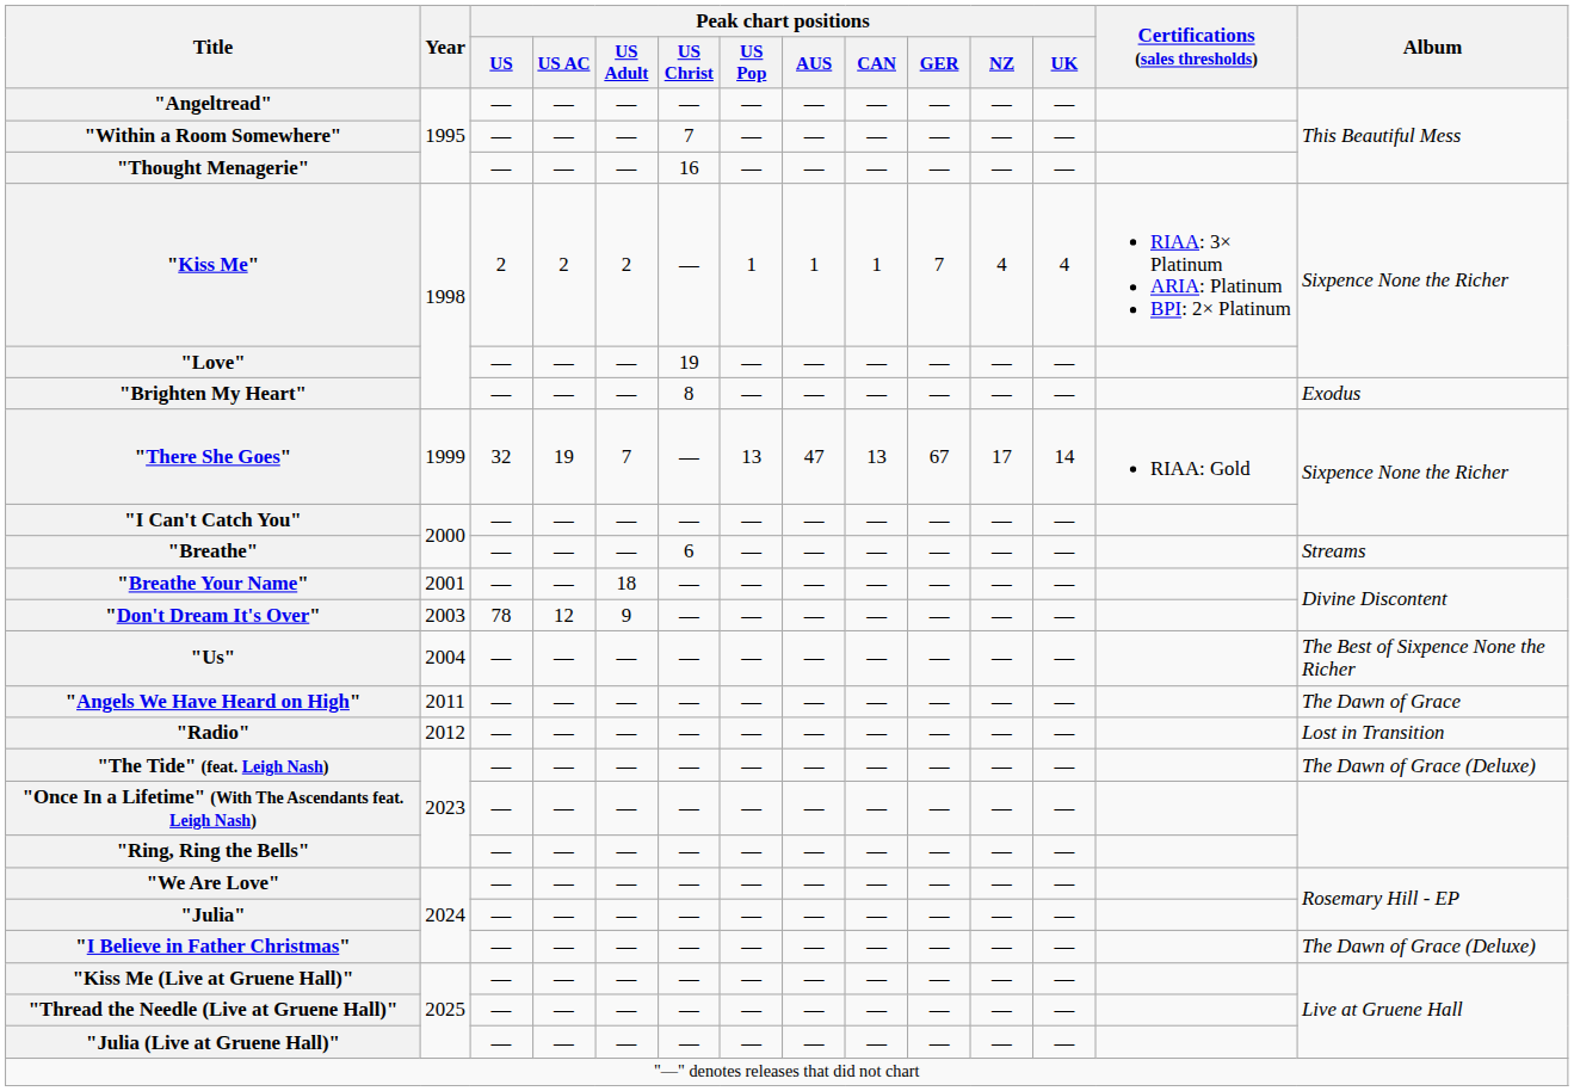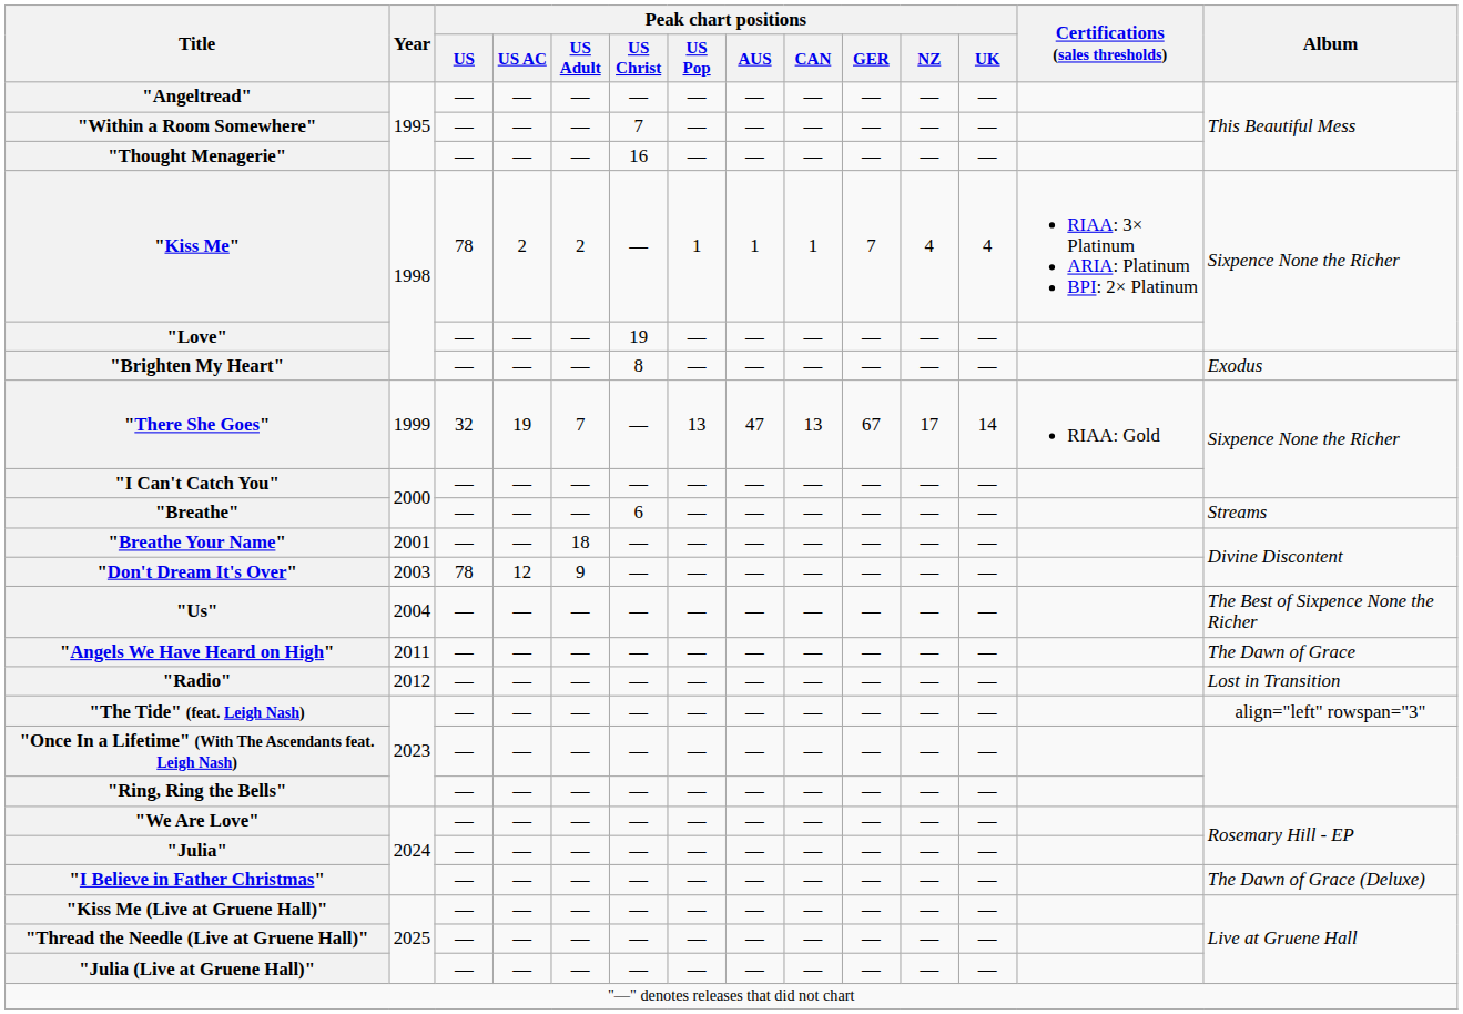 <table class="wikitable plainrowheaders" style="text-align:center;">
 <tr>
 <th scope="col" rowspan="2">Title</th>
 <th scope="col" rowspan="2">Year</th>
 <th scope="col" colspan="10">Peak chart positions</th>
 <th scope="col" rowspan="2"><a href='#'>Certifications</a><br><small>(<a href='#'>sales thresholds</a>)</small></th>
 <th scope="col" rowspan="2">Album</th>
 </tr>
 <tr>
 <th scope="col" style="width:3em;font-size:90%;"><a href='#'>US</a><br></th>
 <th scope="col" style="width:3em;font-size:90%;"><a href='#'>US AC</a><br></th>
 <th scope="col" style="width:3em;font-size:90%;"><a href='#'>US<br>Adult</a><br></th>
 <th scope="col" style="width:3em;font-size:90%;"><a href='#'>US Christ</a><br></th>
 <th scope="col" style="width:3em;font-size:90%;"><a href='#'>US<br>Pop</a><br></th>
 <th scope="col" style="width:3em;font-size:90%;"><a href='#'>AUS</a><br></th>
 <th scope="col" style="width:3em;font-size:90%;"><a href='#'>CAN</a></th>
 <th scope="col" style="width:3em;font-size:90%;"><a href='#'>GER</a><br></th>
 <th scope="col" style="width:3em;font-size:90%;"><a href='#'>NZ</a><br></th>
 <th scope="col" style="width:3em;font-size:90%;"><a href='#'>UK</a><br></th>
 </tr>
 <tr>
 <th scope="row">"Angeltread"</th>
 <td rowspan="3">1995</td>
 <td>—</td>
 <td>—</td>
 <td>—</td>
 <td>—</td>
 <td>—</td>
 <td>—</td>
 <td>—</td>
 <td>—</td>
 <td>—</td>
 <td>—</td>
 <td></td>
 <td align="left" rowspan="3"><em>This Beautiful Mess</em></td>
 </tr>
 <tr>
 <th scope="row">"Within a Room Somewhere"</th>
 <td>—</td>
 <td>—</td>
 <td>—</td>
 <td>7</td>
 <td>—</td>
 <td>—</td>
 <td>—</td>
 <td>—</td>
 <td>—</td>
 <td>—</td>
 <td></td>
 </tr>
 <tr>
 <th scope="row">"Thought Menagerie"</th>
 <td>—</td>
 <td>—</td>
 <td>—</td>
 <td>16</td>
 <td>—</td>
 <td>—</td>
 <td>—</td>
 <td>—</td>
 <td>—</td>
 <td>—</td>
 <td></td>
 </tr>
 <tr>
 <th scope="row">"<a href='#'>Kiss Me</a>"</th>
 <td rowspan="3">1998</td>
-<td>2</td>
+<td>78</td>
 <td>2</td>
 <td>2</td>
 <td>—</td>
 <td>1</td>
 <td>1</td>
 <td>1</td>
 <td>7</td>
 <td>4</td>
 <td>4</td>
 <td align="left"><br><ul><li><a href='#'>RIAA</a>: 3× Platinum</li><li><a href='#'>ARIA</a>: Platinum</li><li><a href='#'>BPI</a>: 2× Platinum</li></ul></td>
 <td align="left" rowspan="2"><em>Sixpence None the Richer</em></td>
 </tr>
 <tr>
 <th scope="row">"Love"</th>
 <td>—</td>
 <td>—</td>
 <td>—</td>
 <td>19</td>
 <td>—</td>
 <td>—</td>
 <td>—</td>
 <td>—</td>
 <td>—</td>
 <td>—</td>
 <td></td>
 </tr>
 <tr>
 <th scope="row">"Brighten My Heart"</th>
 <td>—</td>
 <td>—</td>
 <td>—</td>
 <td>8</td>
 <td>—</td>
 <td>—</td>
 <td>—</td>
 <td>—</td>
 <td>—</td>
 <td>—</td>
 <td></td>
 <td align="left"><em>Exodus</em></td>
 </tr>
 <tr>
 <th scope="row">"<a href='#'>There She Goes</a>"</th>
 <td>1999</td>
 <td>32</td>
 <td>19</td>
 <td>7</td>
 <td>—</td>
 <td>13</td>
 <td>47</td>
 <td>13</td>
 <td>67</td>
 <td>17</td>
 <td>14</td>
 <td align="left"><br><ul><li>RIAA: Gold</li></ul></td>
 <td align="left" rowspan="2"><em>Sixpence None the Richer</em></td>
 </tr>
 <tr>
 <th scope="row">"I Can't Catch You"</th>
 <td rowspan="2">2000</td>
 <td>—</td>
 <td>—</td>
 <td>—</td>
 <td>—</td>
 <td>—</td>
 <td>—</td>
 <td>—</td>
 <td>—</td>
 <td>—</td>
 <td>—</td>
 <td></td>
 </tr>
 <tr>
 <th scope="row">"Breathe"</th>
 <td>—</td>
 <td>—</td>
 <td>—</td>
 <td>6</td>
 <td>—</td>
 <td>—</td>
 <td>—</td>
 <td>—</td>
 <td>—</td>
 <td>—</td>
 <td></td>
 <td align="left"><em>Streams</em></td>
 </tr>
 <tr>
 <th scope="row">"<a href='#'>Breathe Your Name</a>"</th>
 <td>2001</td>
 <td>—</td>
 <td>—</td>
 <td>18</td>
 <td>—</td>
 <td>—</td>
 <td>—</td>
 <td>—</td>
 <td>—</td>
 <td>—</td>
 <td>—</td>
 <td></td>
 <td align="left" rowspan="2"><em>Divine Discontent</em></td>
 </tr>
 <tr>
 <th scope="row">"<a href='#'>Don't Dream It's Over</a>"</th>
 <td>2003</td>
 <td>78</td>
 <td>12</td>
 <td>9</td>
 <td>—</td>
 <td>—</td>
 <td>—</td>
 <td>—</td>
 <td>—</td>
 <td>—</td>
 <td>—</td>
 <td></td>
 </tr>
 <tr>
 <th scope="row">"Us"</th>
 <td>2004</td>
 <td>—</td>
 <td>—</td>
 <td>—</td>
 <td>—</td>
 <td>—</td>
 <td>—</td>
 <td>—</td>
 <td>—</td>
 <td>—</td>
 <td>—</td>
 <td></td>
 <td align="left"><em>The Best of Sixpence None the Richer</em></td>
 </tr>
 <tr>
 <th scope="row">"<a href='#'>Angels We Have Heard on High</a>"</th>
 <td>2011</td>
 <td>—</td>
 <td>—</td>
 <td>—</td>
 <td>—</td>
 <td>—</td>
 <td>—</td>
 <td>—</td>
 <td>—</td>
 <td>—</td>
 <td>—</td>
 <td></td>
 <td align="left"><em>The Dawn of Grace</em></td>
 </tr>
 <tr>
 <th scope="row">"Radio"</th>
 <td>2012</td>
 <td>—</td>
 <td>—</td>
 <td>—</td>
 <td>—</td>
 <td>—</td>
 <td>—</td>
 <td>—</td>
 <td>—</td>
 <td>—</td>
 <td>—</td>
 <td></td>
 <td align="left"><em>Lost in Transition</em></td>
 </tr>
 <tr>
 <th scope="row">"The Tide" <small>(feat. <a href='#'>Leigh Nash</a>)</small></th>
 <td rowspan="3">2023</td>
 <td>—</td>
 <td>—</td>
 <td>—</td>
 <td>—</td>
 <td>—</td>
 <td>—</td>
 <td>—</td>
 <td>—</td>
 <td>—</td>
 <td>—</td>
 <td align="left"></td>
-<td align="left"><em>The Dawn of Grace (Deluxe)</em></td>
+<td>align="left" rowspan="3" </td>
 </tr>
 <tr>
 <th scope="row">"Once In a Lifetime" <small>(With The Ascendants feat. <a href='#'>Leigh Nash</a>)</small></th>
 <td>—</td>
 <td>—</td>
 <td>—</td>
 <td>—</td>
 <td>—</td>
 <td>—</td>
 <td>—</td>
 <td>—</td>
 <td>—</td>
 <td>—</td>
 <td></td>
 </tr>
 <tr>
 <th scope="row">"Ring, Ring the Bells"</th>
 <td>—</td>
 <td>—</td>
 <td>—</td>
 <td>—</td>
 <td>—</td>
 <td>—</td>
 <td>—</td>
 <td>—</td>
 <td>—</td>
 <td>—</td>
 <td></td>
 </tr>
 <tr>
 <th scope="row">"We Are Love"</th>
 <td rowspan="3">2024</td>
 <td>—</td>
 <td>—</td>
 <td>—</td>
 <td>—</td>
 <td>—</td>
 <td>—</td>
 <td>—</td>
 <td>—</td>
 <td>—</td>
 <td>—</td>
 <td align="left"></td>
 <td align="left" rowspan="2"><em>Rosemary Hill - EP</em></td>
 </tr>
 <tr>
 <th scope="row">"Julia"</th>
 <td>—</td>
 <td>—</td>
 <td>—</td>
 <td>—</td>
 <td>—</td>
 <td>—</td>
 <td>—</td>
 <td>—</td>
 <td>—</td>
 <td>—</td>
 <td></td>
 </tr>
 <tr>
 <th scope="row">"<a href='#'>I Believe in Father Christmas</a>"<br></th>
 <td>—</td>
 <td>—</td>
 <td>—</td>
 <td>—</td>
 <td>—</td>
 <td>—</td>
 <td>—</td>
 <td>—</td>
 <td>—</td>
 <td>—</td>
 <td></td>
 <td align="left"><em>The Dawn of Grace (Deluxe)</em></td>
 </tr>
 <tr>
 <th scope="row">"Kiss Me (Live at Gruene Hall)"</th>
 <td rowspan="3">2025</td>
 <td>—</td>
 <td>—</td>
 <td>—</td>
 <td>—</td>
 <td>—</td>
 <td>—</td>
 <td>—</td>
 <td>—</td>
 <td>—</td>
 <td>—</td>
 <td align="left"></td>
 <td align="left" rowspan="3"><em>Live at Gruene Hall</em></td>
 </tr>
 <tr>
 <th scope="row">"Thread the Needle (Live at Gruene Hall)"</th>
 <td>—</td>
 <td>—</td>
 <td>—</td>
 <td>—</td>
 <td>—</td>
 <td>—</td>
 <td>—</td>
 <td>—</td>
 <td>—</td>
 <td>—</td>
 <td></td>
 </tr>
 <tr>
 <th scope="row">"Julia (Live at Gruene Hall)"</th>
 <td>—</td>
 <td>—</td>
 <td>—</td>
 <td>—</td>
 <td>—</td>
 <td>—</td>
 <td>—</td>
 <td>—</td>
 <td>—</td>
 <td>—</td>
 <td></td>
 </tr>
 <tr>
 <td colspan="14" align="center" style="font-size:85%">"—" denotes releases that did not chart</td>
 </tr>
 <tr>
 </tr>
 </table>
